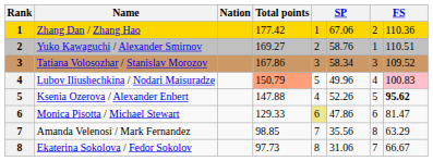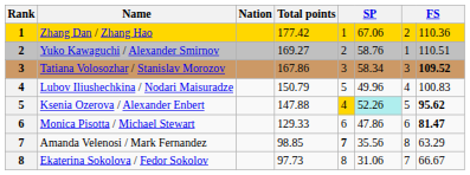 <table class="wikitable">
 <tr>
 <th>Rank</th>
 <th>Name</th>
 <th>Nation</th>
 <th>Total points</th>
 <th colspan="2" width="80px"><a href='#'>SP</a></th>
 <th colspan="2" width="80px"><a href='#'>FS</a></th>
 </tr>
 <tr bgcolor="gold">
 <td align="center"><strong>1</strong></td>
 <td><a href='#'>Zhang Dan</a> / <a href='#'>Zhang Hao</a></td>
 <td></td>
 <td>177.42</td>
 <td>1</td>
 <td>67.06</td>
 <td>2</td>
 <td>110.36</td>
 </tr>
 <tr bgcolor="silver">
 <td align="center"><strong>2</strong></td>
 <td><a href='#'>Yuko Kawaguchi</a> / <a href='#'>Alexander Smirnov</a></td>
 <td></td>
 <td>169.27</td>
 <td>2</td>
 <td>58.76</td>
 <td>1</td>
 <td>110.51</td>
 </tr>
 <tr bgcolor="cc9966">
 <td align="center"><strong>3</strong></td>
 <td><a href='#'>Tatiana Volosozhar</a> / <a href='#'>Stanislav Morozov</a></td>
 <td></td>
 <td>167.86</td>
 <td>3</td>
 <td>58.34</td>
 <td>3</td>
-<td>109.52</td>
+<td><strong>109.52</strong></td>
 </tr>
 <tr>
 <th>4</th>
 <td><a href='#'>Lubov Iliushechkina</a> / <a href='#'>Nodari Maisuradze</a></td>
 <td></td>
-<td style="background: lightsalmon;">150.79</td>
+<td>150.79</td>
 <td>5</td>
 <td>49.96</td>
 <td>4</td>
-<td style="background: pink;">100.83</td>
+<td>100.83</td>
 </tr>
 <tr>
 <th>5</th>
 <td><a href='#'>Ksenia Ozerova</a> / <a href='#'>Alexander Enbert</a></td>
 <td></td>
 <td>147.88</td>
-<td>4</td>
-<td>52.26</td>
+<td style="background: gold;">4</td>
+<td style="background: paleturquoise;">52.26</td>
 <td>5</td>
 <td><strong>95.62</strong></td>
 </tr>
 <tr>
 <th>6</th>
 <td><a href='#'>Monica Pisotta</a> / <a href='#'>Michael Stewart</a></td>
 <td></td>
 <td>129.33</td>
-<td style="background: khaki;">6</td>
+<td>6</td>
 <td>47.86</td>
 <td>6</td>
-<td>81.47</td>
+<td><strong>81.47</strong></td>
 </tr>
 <tr>
 <th>7</th>
 <td>Amanda Velenosi / Mark Fernandez</td>
 <td></td>
 <td>98.85</td>
-<td>7</td>
+<td><strong>7</strong></td>
 <td>35.56</td>
 <td>8</td>
 <td>63.29</td>
 </tr>
 <tr>
 <th>8</th>
 <td><a href='#'>Ekaterina Sokolova</a> / <a href='#'>Fedor Sokolov</a></td>
 <td></td>
 <td>97.73</td>
 <td>8</td>
 <td>31.06</td>
 <td>7</td>
 <td>66.67</td>
 </tr>
 </table>
